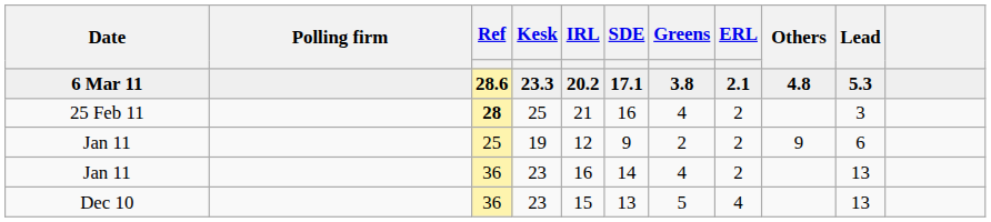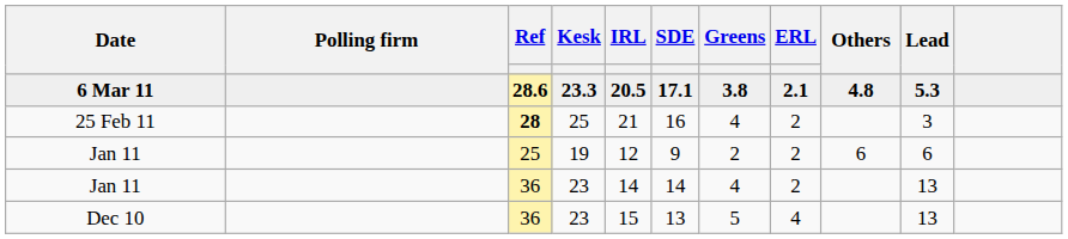 <table class="wikitable" style="text-align:center; font-size:90%; line-height:16px;">
 <tr style="height:42px;">
 <th rowspan="2" style="width:150px;">Date</th>
 <th rowspan="2" style="width:195px;">Polling firm</th>
 <th><a href='#'><span>Ref</span></a></th>
 <th><a href='#'><span>Kesk</span></a></th>
 <th><a href='#'><span>IRL</span></a></th>
 <th><a href='#'><span>SDE</span></a></th>
 <th><a href='#'><span>Greens</span></a></th>
 <th><a href='#'><span>ERL</span></a></th>
 <th rowspan="2" style="width:50px;">Others</th>
 <th rowspan="2" style="width:20px;">Lead</th>
 <th rowspan="2" style="width:70px;"></th>
 </tr>
 <tr>
 <th style="color:inherit;background:"></th>
 <th style="color:inherit;background:"></th>
 <th style="color:inherit;background:"></th>
 <th style="color:inherit;background:"></th>
 <th style="color:inherit;background:"></th>
 <th style="color:inherit;background:"></th>
 </tr>
 <tr style="background:#EFEFEF; font-weight:bold;">
 <td>6 Mar 11</td>
 <td></td>
 <td style="background:#FEF4AE">28.6</td>
 <td>23.3</td>
-<td>20.2</td>
+<td>20.5</td>
 <td>17.1</td>
 <td>3.8</td>
 <td>2.1</td>
 <td>4.8</td>
 <td style="background:">5.3</td>
 <td></td>
 </tr>
 <tr>
 <td>25 Feb 11</td>
 <td></td>
 <td style="background:#FEF4AE"><strong>28</strong></td>
 <td>25</td>
 <td>21</td>
 <td>16</td>
 <td>4</td>
 <td>2</td>
 <td></td>
 <td style="background:">3</td>
 <td></td>
 </tr>
 <tr>
 <td>Jan 11</td>
 <td></td>
 <td style="background:#FEF4AE">25</td>
 <td>19</td>
 <td>12</td>
 <td>9</td>
 <td>2</td>
 <td>2</td>
-<td>9</td>
+<td>6</td>
 <td style="background:">6</td>
 <td></td>
 </tr>
 <tr>
 <td>Jan 11</td>
 <td></td>
 <td style="background:#FEF4AE">36</td>
 <td>23</td>
-<td>16</td>
+<td>14</td>
 <td>14</td>
 <td>4</td>
 <td>2</td>
 <td></td>
 <td style="background:">13</td>
 <td></td>
 </tr>
 <tr>
 <td>Dec 10</td>
 <td></td>
 <td style="background:#FEF4AE">36</td>
 <td>23</td>
 <td>15</td>
 <td>13</td>
 <td>5</td>
 <td>4</td>
 <td></td>
 <td style="background:">13</td>
 <td></td>
 </tr>
 </table>
